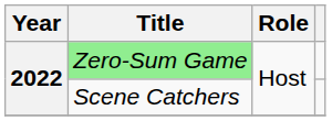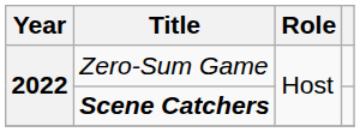 <table class="wikitable sortable plainrowheaders">
 <tr>
 <th scope="col">Year</th>
 <th scope="col">Title</th>
 <th scope="col">Role</th>
 <th scope="col" class="unsortable"></th>
 </tr>
 <tr>
 <th scope="row" rowspan=2>2022</th>
-<td style="background: lightgreen;"><em>Zero-Sum Game</em></td>
+<td><em>Zero-Sum Game</em></td>
 <td rowspan=2>Host</td>
 <td></td>
 </tr>
 <tr>
-<td><em>Scene Catchers</em></td>
+<td><strong><em>Scene Catchers</em></strong></td>
 <td></td>
 </tr>
 <tr>
 </tr>
 </table>
